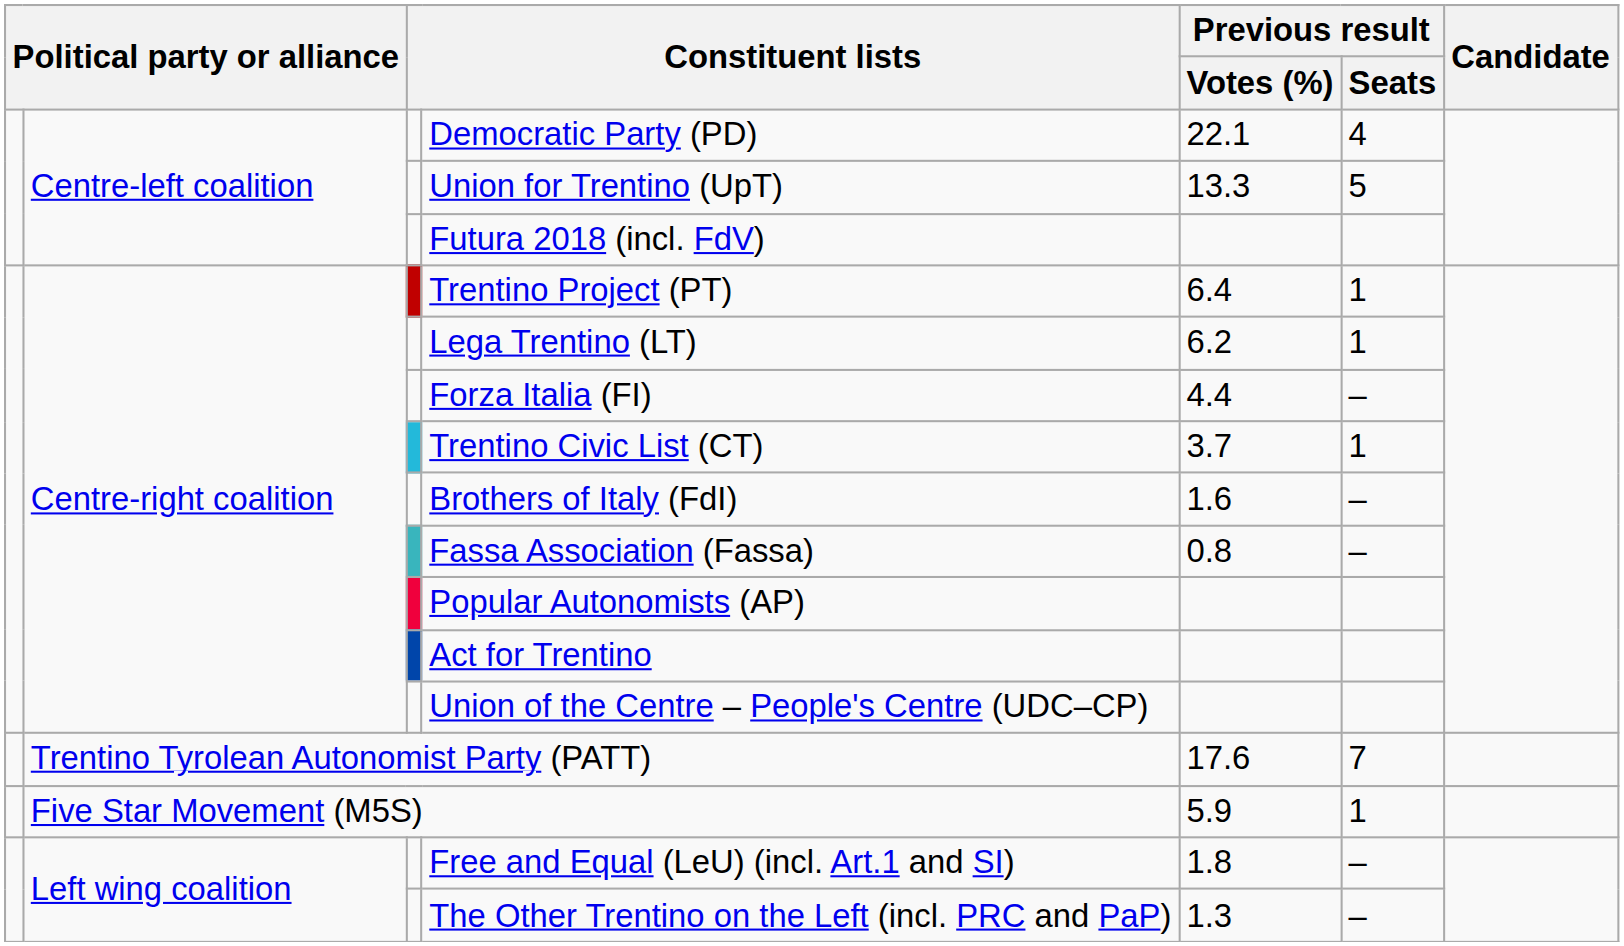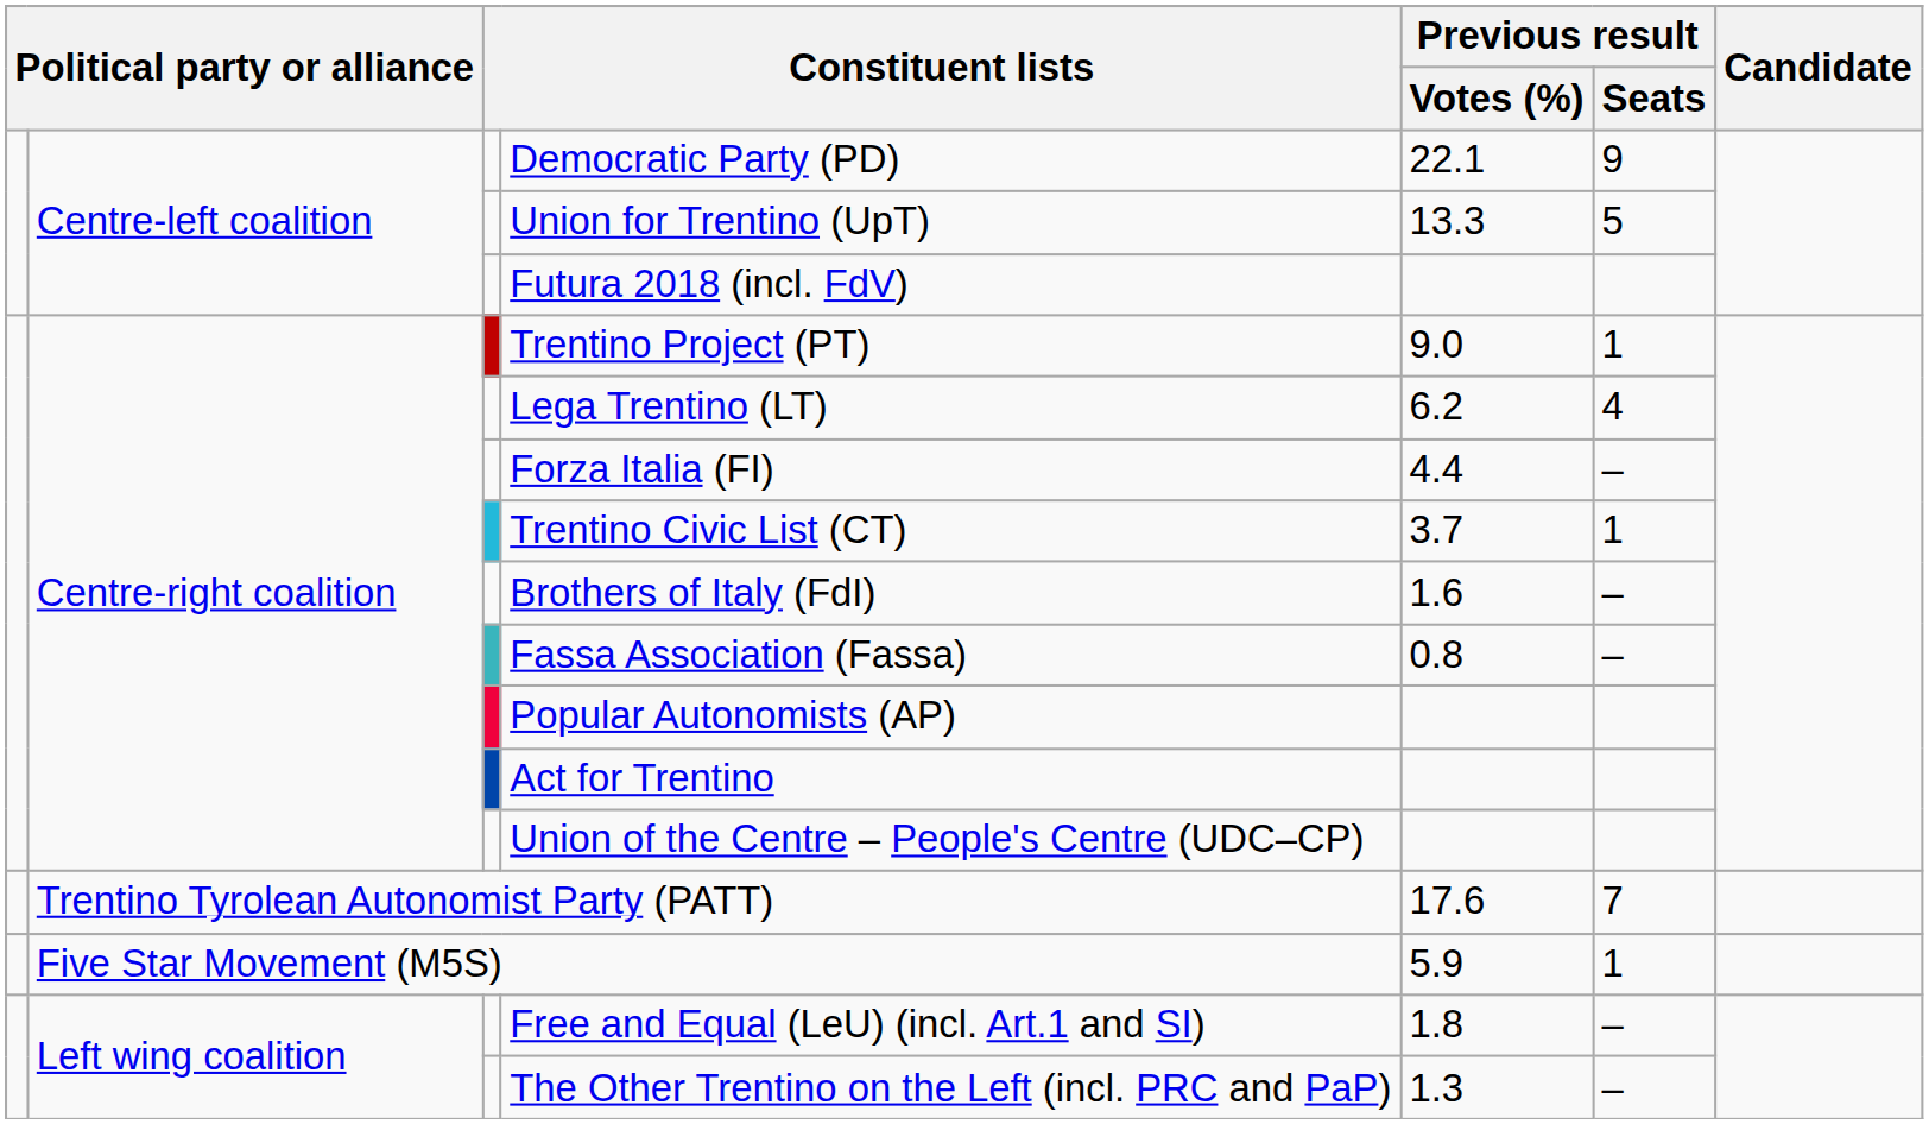 <table class="wikitable" style="text-align:left">
 <tr>
 <th colspan=2 rowspan="2">Political party or alliance</th>
 <th colspan=2 rowspan="2">Constituent lists</th>
 <th colspan="2">Previous result</th>
 <th colspan="2" rowspan="2">Candidate</th>
 </tr>
 <tr>
 <th>Votes (%)</th>
 <th>Seats</th>
 </tr>
 <tr>
 <td rowspan="3"></td>
 <td rowspan=3><a href='#'>Centre-left coalition</a></td>
 <td></td>
 <td style="text-align:left;"><a href='#'>Democratic Party</a> (PD)</td>
 <td>22.1</td>
-<td>4</td>
+<td>9</td>
 <td rowspan="3"></td>
 </tr>
 <tr>
 <td style="background-color:"></td>
 <td><a href='#'>Union for Trentino</a> (UpT)</td>
 <td>13.3</td>
 <td>5</td>
 </tr>
 <tr>
 <td style="background-color:"></td>
 <td><a href='#'>Futura 2018</a> (incl. <a href='#'>FdV</a>)</td>
 <td></td>
 <td></td>
 </tr>
 <tr>
 <td rowspan="9" style="background:"></td>
 <td rowspan=9><a href='#'>Centre-right coalition</a></td>
 <td bgcolor="#C00000"></td>
 <td style="text-align:left;"><a href='#'>Trentino Project</a> (PT)</td>
-<td>6.4</td>
+<td>9.0</td>
 <td>1</td>
 <td rowspan="9"></td>
 </tr>
 <tr>
 <td></td>
 <td style="text-align:left;"><a href='#'>Lega Trentino</a> (LT)</td>
 <td>6.2</td>
-<td>1</td>
+<td>4</td>
 </tr>
 <tr>
 <td></td>
 <td style="text-align:left;"><a href='#'>Forza Italia</a> (FI)</td>
 <td>4.4</td>
 <td>–</td>
 </tr>
 <tr>
 <td bgcolor="#23b9da"></td>
 <td style="text-align:left;"><a href='#'>Trentino Civic List</a> (CT)</td>
 <td>3.7</td>
 <td>1</td>
 </tr>
 <tr>
 <td></td>
 <td style="text-align:left;"><a href='#'>Brothers of Italy</a> (FdI)</td>
 <td>1.6</td>
 <td>–</td>
 </tr>
 <tr>
 <td bgcolor="#39B5BD"></td>
 <td style="text-align:left;"><a href='#'>Fassa Association</a> (Fassa)</td>
 <td>0.8</td>
 <td>–</td>
 </tr>
 <tr>
 <td bgcolor="#F0003D"></td>
 <td style="text-align:left;"><a href='#'>Popular Autonomists</a> (AP)</td>
 <td></td>
 <td></td>
 </tr>
 <tr>
 <td bgcolor="#0045AA"></td>
 <td style="text-align:left;"><a href='#'>Act for Trentino</a></td>
 <td></td>
 <td></td>
 </tr>
 <tr>
 <td></td>
 <td style="text-align:left;"><a href='#'>Union of the Centre</a> – <a href='#'>People's Centre</a> (UDC–CP)</td>
 <td></td>
 <td></td>
 </tr>
 <tr>
 <td style="background-color:"></td>
 <td colspan="3"><a href='#'>Trentino Tyrolean Autonomist Party</a> (PATT)</td>
 <td>17.6</td>
 <td>7</td>
 <td></td>
 </tr>
 <tr>
 <td style="background-color:"></td>
 <td colspan="3"><a href='#'>Five Star Movement</a> (M5S)</td>
 <td>5.9</td>
 <td>1</td>
 <td></td>
 </tr>
 <tr>
 <td rowspan="2" style="background:"></td>
 <td rowspan=2><a href='#'>Left wing coalition</a></td>
 <td></td>
 <td style="text-align:left;"><a href='#'>Free and Equal</a> (LeU) (incl. <a href='#'>Art.1</a> and <a href='#'>SI</a>)</td>
 <td>1.8</td>
 <td>–</td>
 <td rowspan="2"></td>
 </tr>
 <tr>
 <td></td>
 <td style="text-align:left;"><a href='#'>The Other Trentino on the Left</a> (incl. <a href='#'>PRC</a> and <a href='#'>PaP</a>)</td>
 <td>1.3</td>
 <td>–</td>
 </tr>
 </table>
